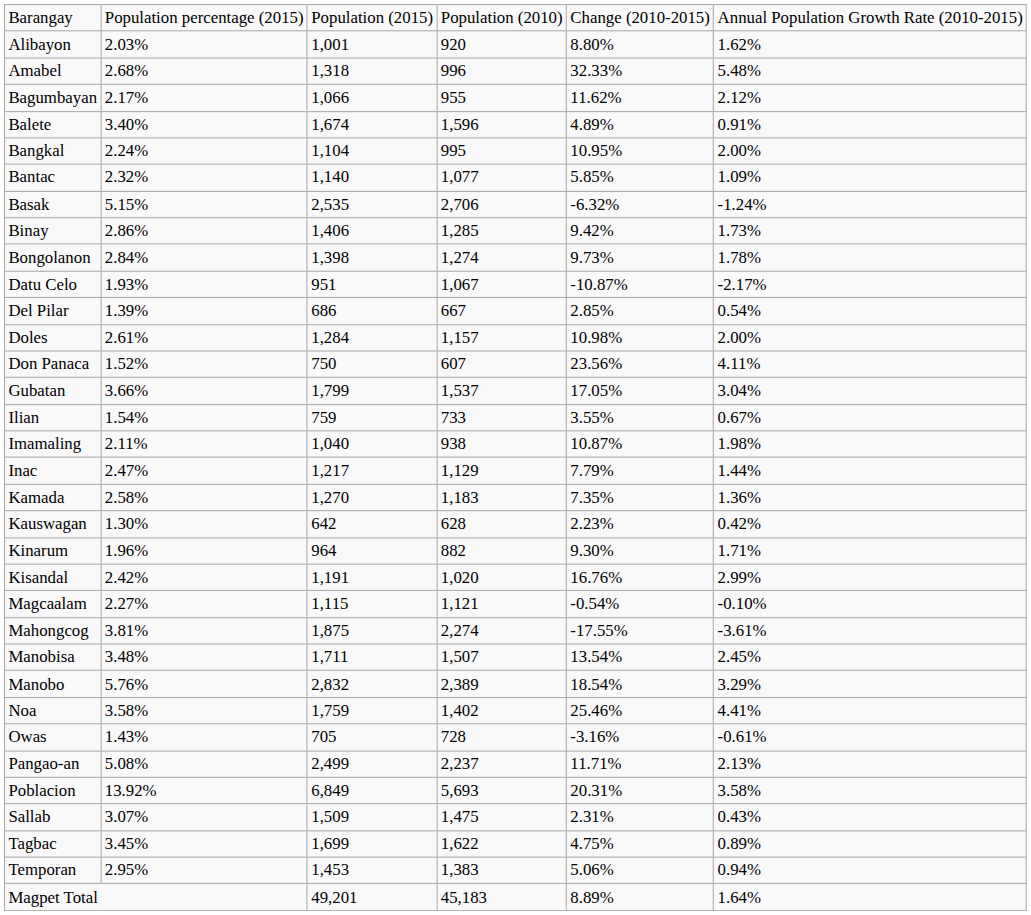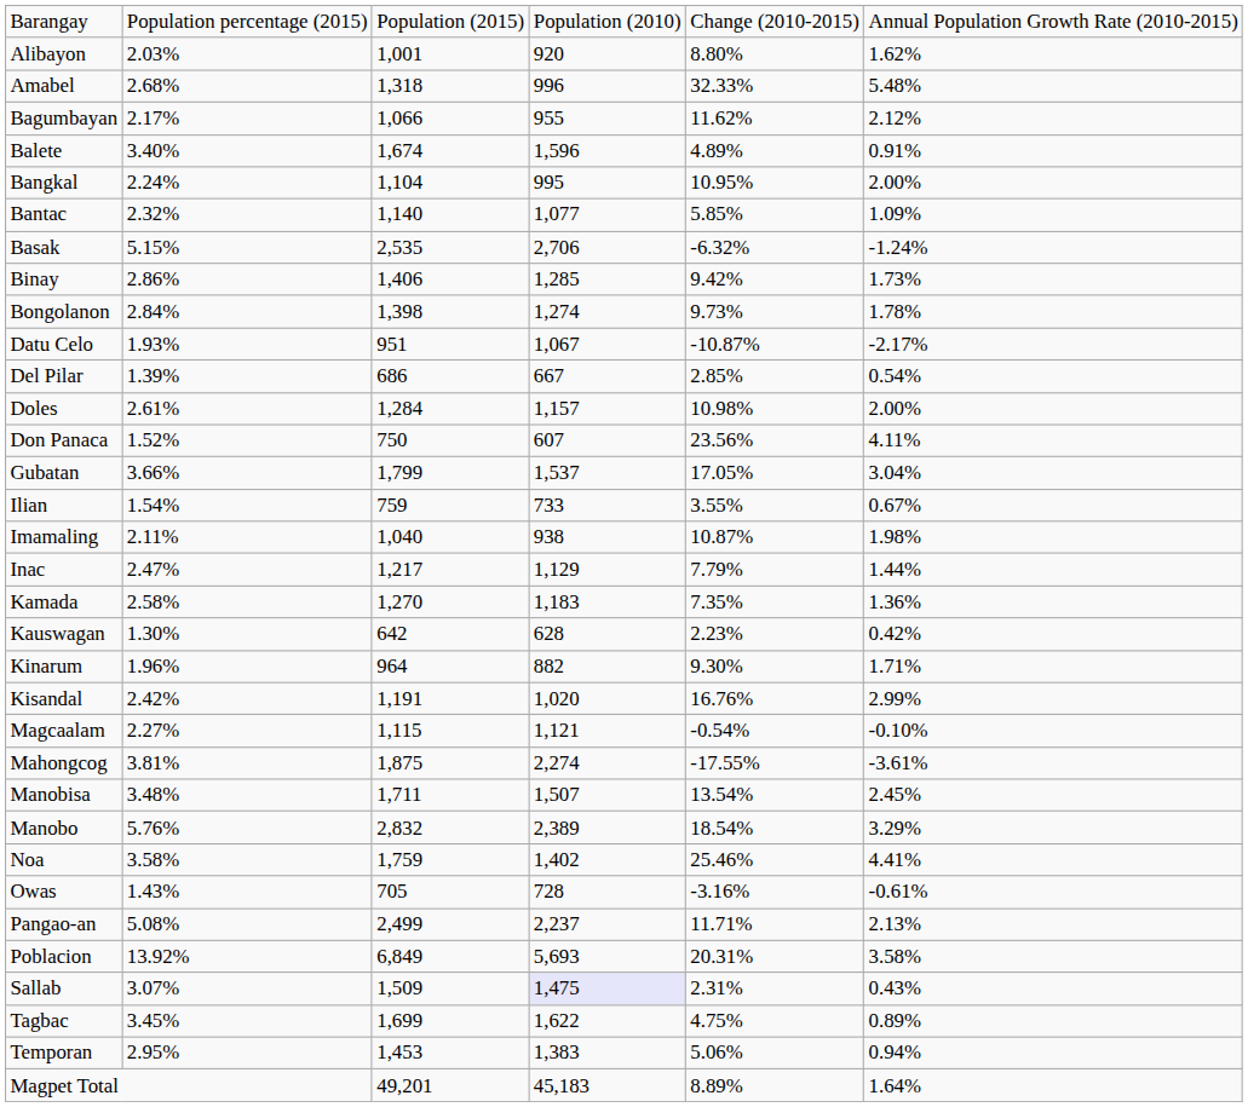 <table class="wikitable">
 <tr>
 <td>Barangay</td>
 <td>Population percentage (2015)</td>
 <td>Population  (2015)</td>
 <td>Population  (2010)</td>
 <td>Change  (2010‑2015)</td>
 <td>Annual Population Growth Rate (2010‑2015)</td>
 </tr>
 <tr>
 <td>Alibayon</td>
 <td>2.03%</td>
 <td>1,001</td>
 <td>920</td>
 <td>8.80%</td>
 <td>1.62%</td>
 </tr>
 <tr>
 <td>Amabel</td>
 <td>2.68%</td>
 <td>1,318</td>
 <td>996</td>
 <td>32.33%</td>
 <td>5.48%</td>
 </tr>
 <tr>
 <td>Bagumbayan</td>
 <td>2.17%</td>
 <td>1,066</td>
 <td>955</td>
 <td>11.62%</td>
 <td>2.12%</td>
 </tr>
 <tr>
 <td>Balete</td>
 <td>3.40%</td>
 <td>1,674</td>
 <td>1,596</td>
 <td>4.89%</td>
 <td>0.91%</td>
 </tr>
 <tr>
 <td>Bangkal</td>
 <td>2.24%</td>
 <td>1,104</td>
 <td>995</td>
 <td>10.95%</td>
 <td>2.00%</td>
 </tr>
 <tr>
 <td>Bantac</td>
 <td>2.32%</td>
 <td>1,140</td>
 <td>1,077</td>
 <td>5.85%</td>
 <td>1.09%</td>
 </tr>
 <tr>
 <td>Basak</td>
 <td>5.15%</td>
 <td>2,535</td>
 <td>2,706</td>
 <td>-6.32%</td>
 <td>-1.24%</td>
 </tr>
 <tr>
 <td>Binay</td>
 <td>2.86%</td>
 <td>1,406</td>
 <td>1,285</td>
 <td>9.42%</td>
 <td>1.73%</td>
 </tr>
 <tr>
 <td>Bongolanon</td>
 <td>2.84%</td>
 <td>1,398</td>
 <td>1,274</td>
 <td>9.73%</td>
 <td>1.78%</td>
 </tr>
 <tr>
 <td>Datu Celo</td>
 <td>1.93%</td>
 <td>951</td>
 <td>1,067</td>
 <td>-10.87%</td>
 <td>-2.17%</td>
 </tr>
 <tr>
 <td>Del Pilar</td>
 <td>1.39%</td>
 <td>686</td>
 <td>667</td>
 <td>2.85%</td>
 <td>0.54%</td>
 </tr>
 <tr>
 <td>Doles</td>
 <td>2.61%</td>
 <td>1,284</td>
 <td>1,157</td>
 <td>10.98%</td>
 <td>2.00%</td>
 </tr>
 <tr>
 <td>Don Panaca</td>
 <td>1.52%</td>
 <td>750</td>
 <td>607</td>
 <td>23.56%</td>
 <td>4.11%</td>
 </tr>
 <tr>
 <td>Gubatan</td>
 <td>3.66%</td>
 <td>1,799</td>
 <td>1,537</td>
 <td>17.05%</td>
 <td>3.04%</td>
 </tr>
 <tr>
 <td>Ilian</td>
 <td>1.54%</td>
 <td>759</td>
 <td>733</td>
 <td>3.55%</td>
 <td>0.67%</td>
 </tr>
 <tr>
 <td>Imamaling</td>
 <td>2.11%</td>
 <td>1,040</td>
 <td>938</td>
 <td>10.87%</td>
 <td>1.98%</td>
 </tr>
 <tr>
 <td>Inac</td>
 <td>2.47%</td>
 <td>1,217</td>
 <td>1,129</td>
 <td>7.79%</td>
 <td>1.44%</td>
 </tr>
 <tr>
 <td>Kamada</td>
 <td>2.58%</td>
 <td>1,270</td>
 <td>1,183</td>
 <td>7.35%</td>
 <td>1.36%</td>
 </tr>
 <tr>
 <td>Kauswagan</td>
 <td>1.30%</td>
 <td>642</td>
 <td>628</td>
 <td>2.23%</td>
 <td>0.42%</td>
 </tr>
 <tr>
 <td>Kinarum</td>
 <td>1.96%</td>
 <td>964</td>
 <td>882</td>
 <td>9.30%</td>
 <td>1.71%</td>
 </tr>
 <tr>
 <td>Kisandal</td>
 <td>2.42%</td>
 <td>1,191</td>
 <td>1,020</td>
 <td>16.76%</td>
 <td>2.99%</td>
 </tr>
 <tr>
 <td>Magcaalam</td>
 <td>2.27%</td>
 <td>1,115</td>
 <td>1,121</td>
 <td>-0.54%</td>
 <td>-0.10%</td>
 </tr>
 <tr>
 <td>Mahongcog</td>
 <td>3.81%</td>
 <td>1,875</td>
 <td>2,274</td>
 <td>-17.55%</td>
 <td>-3.61%</td>
 </tr>
 <tr>
 <td>Manobisa</td>
 <td>3.48%</td>
 <td>1,711</td>
 <td>1,507</td>
 <td>13.54%</td>
 <td>2.45%</td>
 </tr>
 <tr>
 <td>Manobo</td>
 <td>5.76%</td>
 <td>2,832</td>
 <td>2,389</td>
 <td>18.54%</td>
 <td>3.29%</td>
 </tr>
 <tr>
 <td>Noa</td>
 <td>3.58%</td>
 <td>1,759</td>
 <td>1,402</td>
 <td>25.46%</td>
 <td>4.41%</td>
 </tr>
 <tr>
 <td>Owas</td>
 <td>1.43%</td>
 <td>705</td>
 <td>728</td>
 <td>-3.16%</td>
 <td>-0.61%</td>
 </tr>
 <tr>
 <td>Pangao‑an</td>
 <td>5.08%</td>
 <td>2,499</td>
 <td>2,237</td>
 <td>11.71%</td>
 <td>2.13%</td>
 </tr>
 <tr>
 <td>Poblacion</td>
 <td>13.92%</td>
 <td>6,849</td>
 <td>5,693</td>
 <td>20.31%</td>
 <td>3.58%</td>
 </tr>
 <tr>
 <td>Sallab</td>
 <td>3.07%</td>
 <td>1,509</td>
-<td>1,475</td>
+<td style="background: lavender;">1,475</td>
 <td>2.31%</td>
 <td>0.43%</td>
 </tr>
 <tr>
 <td>Tagbac</td>
 <td>3.45%</td>
 <td>1,699</td>
 <td>1,622</td>
 <td>4.75%</td>
 <td>0.89%</td>
 </tr>
 <tr>
 <td>Temporan</td>
 <td>2.95%</td>
 <td>1,453</td>
 <td>1,383</td>
 <td>5.06%</td>
 <td>0.94%</td>
 </tr>
 <tr>
 <td colspan="2">Magpet Total</td>
 <td>49,201</td>
 <td>45,183</td>
 <td>8.89%</td>
 <td>1.64%</td>
 </tr>
 </table>
